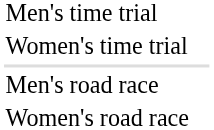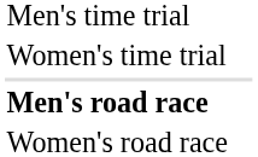 <table>
 <tr>
 <td>Men's time trial<br></td>
 <td></td>
 <td></td>
 <td></td>
 </tr>
 <tr>
 <td>Women's time trial<br></td>
 <td></td>
 <td></td>
 <td></td>
 </tr>
 <tr bgcolor=#DDDDDD>
 <td colspan=7></td>
 </tr>
 <tr>
-<td>Men's road race<br></td>
+<td><strong>Men's road race<br></strong></td>
 <td></td>
 <td></td>
 <td></td>
 </tr>
 <tr>
 <td>Women's road race<br></td>
 <td></td>
 <td></td>
 <td></td>
 </tr>
 </table>
